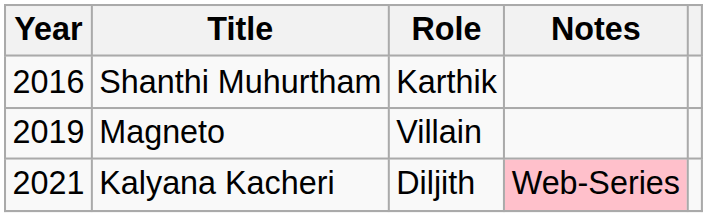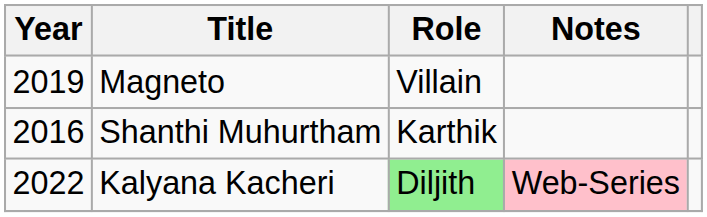 <table class="wikitable sortable">
 <tr>
 <th>Year</th>
 <th>Title</th>
 <th>Role</th>
 <th>Notes</th>
 <th></th>
 </tr>
 <tr>
+<td>2019</td>
+<td>Magneto</td>
+<td>Villain</td>
+<td></td>
+<td></td>
+</tr>
+<tr>
 <td>2016</td>
 <td>Shanthi Muhurtham</td>
 <td>Karthik</td>
 <td></td>
 <td></td>
 </tr>
 <tr>
-<td>2019</td>
-<td>Magneto</td>
-<td>Villain</td>
-<td></td>
-<td></td>
-</tr>
-<tr>
-<td>2021</td>
+<td>2022</td>
 <td>⁠Kalyana Kacheri</td>
-<td>Diljith</td>
+<td style="background: lightgreen;">Diljith</td>
 <td style="background: pink;">Web-Series</td>
 <td></td>
 </tr>
 <tr>
 </tr>
 </table>
